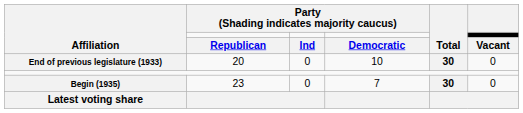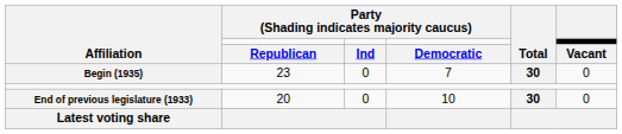 <table class=wikitable style="text-align:center; width:50%">
 <tr style="vertical-align:bottom;">
 <th rowspan=3>Affiliation</th>
 <th colspan=3>Party <div>(Shading indicates majority caucus)</div></th>
 <th rowspan=3>Total</th>
 <th></th>
 </tr>
 <tr style="height:5px">
 <td style="background-color:"></td>
 <td style="background-color:"></td>
 <td style="background-color:"></td>
 <td style="background-color:black"></td>
 </tr>
 <tr>
 <th><a href='#'>Republican</a></th>
 <th><a href='#'>Ind</a></th>
 <th><a href='#'>Democratic</a></th>
 <th>Vacant</th>
 </tr>
 <tr>
-<th nowrap style="font-size:80%">End of previous legislature (1933)</th>
-<td>20</td>
+<th nowrap style="font-size:80%">Begin (1935)</th>
+<td>23</td>
 <td>0</td>
-<td>10</td>
+<td>7</td>
 <th>30</th>
 <td>0</td>
 </tr>
 <tr>
 <td colspan=6></td>
 </tr>
 <tr>
-<th nowrap style="font-size:80%">Begin (1935)</th>
-<td>23</td>
+<th nowrap style="font-size:80%">End of previous legislature (1933)</th>
+<td>20</td>
 <td>0</td>
-<td>7</td>
+<td>10</td>
 <th>30</th>
 <td>0</td>
 </tr>
 <tr>
 <th>Latest voting share</th>
 <th colspan=2 ></th>
 <th></th>
 <th colspan=2></th>
 </tr>
 </table>
